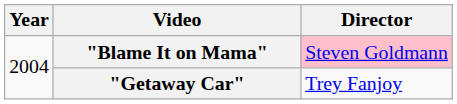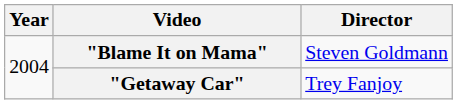 <table class="wikitable plainrowheaders">
 <tr>
 <th>Year</th>
 <th style="width:12em;">Video</th>
 <th>Director</th>
 </tr>
 <tr>
 <td rowspan="2">2004</td>
 <th scope="row">"Blame It on Mama"</th>
-<td style="background: pink;"><a href='#'>Steven Goldmann</a></td>
+<td><a href='#'>Steven Goldmann</a></td>
 </tr>
 <tr>
 <th scope="row">"Getaway Car"</th>
 <td><a href='#'>Trey Fanjoy</a></td>
 </tr>
 </table>
